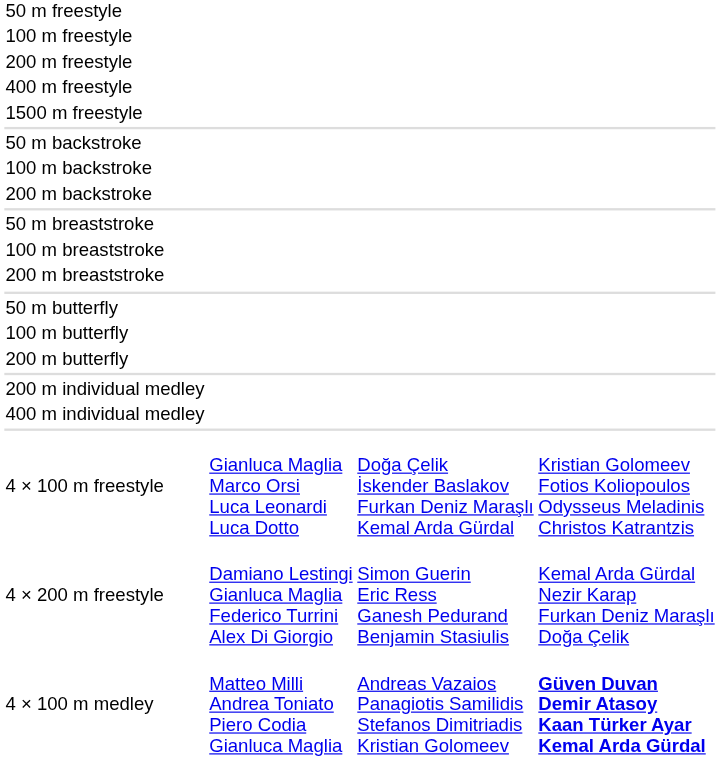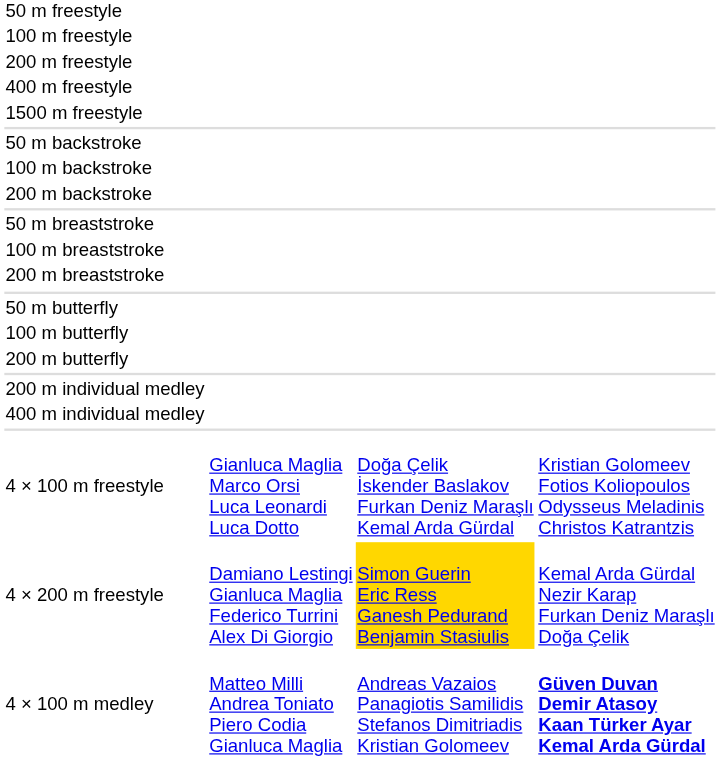 <table>
 <tr>
 <td>50 m freestyle<br></td>
 <td></td>
 <td></td>
 <td></td>
 </tr>
 <tr>
 <td>100 m freestyle<br></td>
 <td></td>
 <td></td>
 <td></td>
 </tr>
 <tr>
 <td>200 m freestyle<br></td>
 <td></td>
 <td></td>
 <td></td>
 </tr>
 <tr>
 <td>400 m freestyle<br></td>
 <td></td>
 <td></td>
 <td></td>
 </tr>
 <tr>
 <td>1500 m freestyle<br></td>
 <td></td>
 <td></td>
 <td></td>
 </tr>
 <tr bgcolor=#DDDDDD>
 <td colspan=7></td>
 </tr>
 <tr>
 <td>50 m backstroke<br></td>
 <td></td>
 <td></td>
 <td></td>
 </tr>
 <tr>
 <td>100 m backstroke<br></td>
 <td></td>
 <td></td>
 <td></td>
 </tr>
 <tr>
 <td>200 m backstroke<br></td>
 <td></td>
 <td><br></td>
 <td></td>
 </tr>
 <tr bgcolor=#DDDDDD>
 <td colspan=7></td>
 </tr>
 <tr>
 <td>50 m breaststroke<br></td>
 <td></td>
 <td></td>
 <td></td>
 </tr>
 <tr>
 <td>100 m breaststroke<br></td>
 <td></td>
 <td></td>
 <td></td>
 </tr>
 <tr>
 <td>200 m breaststroke<br></td>
 <td></td>
 <td></td>
 <td></td>
 </tr>
 <tr>
 </tr>
 <tr bgcolor=#DDDDDD>
 <td colspan=7></td>
 </tr>
 <tr>
 <td>50 m butterfly<br></td>
 <td></td>
 <td></td>
 <td></td>
 </tr>
 <tr>
 <td>100 m butterfly<br></td>
 <td></td>
 <td></td>
 <td></td>
 </tr>
 <tr>
 <td>200 m butterfly<br></td>
 <td></td>
 <td></td>
 <td></td>
 </tr>
 <tr bgcolor=#DDDDDD>
 <td colspan=7></td>
 </tr>
 <tr>
 <td>200 m individual medley<br></td>
 <td></td>
 <td></td>
 <td></td>
 </tr>
 <tr>
 <td>400 m individual medley<br></td>
 <td></td>
 <td></td>
 <td></td>
 </tr>
 <tr bgcolor=#DDDDDD>
 <td colspan=7></td>
 </tr>
 <tr>
 <td>4 × 100 m freestyle<br></td>
 <td><br><a href='#'>Gianluca Maglia</a><br><a href='#'>Marco Orsi</a><br><a href='#'>Luca Leonardi</a><br><a href='#'>Luca Dotto</a></td>
 <td><br><a href='#'>Doğa Çelik</a><br><a href='#'>İskender Baslakov</a><br><a href='#'>Furkan Deniz Maraşlı</a><br><a href='#'>Kemal Arda Gürdal</a></td>
 <td><br><a href='#'>Kristian Golomeev</a><br><a href='#'>Fotios Koliopoulos</a><br><a href='#'>Odysseus Meladinis</a><br><a href='#'>Christos Katrantzis</a></td>
 </tr>
 <tr>
 <td>4 × 200 m freestyle<br></td>
 <td><br><a href='#'>Damiano Lestingi</a><br><a href='#'>Gianluca Maglia</a><br><a href='#'>Federico Turrini</a><br><a href='#'>Alex Di Giorgio</a></td>
-<td><br><a href='#'>Simon Guerin</a><br><a href='#'>Eric Ress</a><br><a href='#'>Ganesh Pedurand</a><br><a href='#'>Benjamin Stasiulis</a></td>
+<td style="background: gold;"><br><a href='#'>Simon Guerin</a><br><a href='#'>Eric Ress</a><br><a href='#'>Ganesh Pedurand</a><br><a href='#'>Benjamin Stasiulis</a></td>
 <td><br><a href='#'>Kemal Arda Gürdal</a><br><a href='#'>Nezir Karap</a><br><a href='#'>Furkan Deniz Maraşlı</a><br><a href='#'>Doğa Çelik</a></td>
 </tr>
 <tr>
 <td>4 × 100 m medley<br></td>
 <td><br><a href='#'>Matteo Milli</a><br><a href='#'>Andrea Toniato</a><br><a href='#'>Piero Codia</a><br><a href='#'>Gianluca Maglia</a></td>
 <td><br><a href='#'>Andreas Vazaios</a><br><a href='#'>Panagiotis Samilidis</a><br><a href='#'>Stefanos Dimitriadis</a><br><a href='#'>Kristian Golomeev</a></td>
 <td><strong><br><a href='#'>Güven Duvan</a><br><a href='#'>Demir Atasoy</a><br><a href='#'>Kaan Türker Ayar</a><br><a href='#'>Kemal Arda Gürdal</a></strong></td>
 </tr>
 <tr>
 </tr>
 </table>
